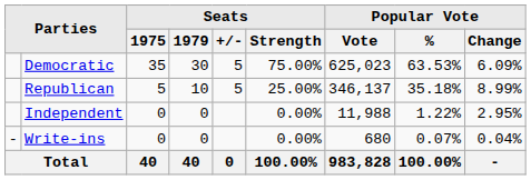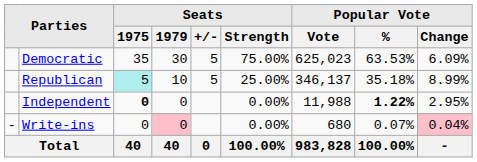 <table class=wikitable>
 <tr>
 <th style="background-color:#E9E9E9" align=center rowspan= 2 colspan=2>Parties</th>
 <th style="background-color:#E9E9E9" align=center colspan=4>Seats</th>
 <th style="background-color:#E9E9E9" align=center colspan=3>Popular Vote</th>
 </tr>
 <tr>
 <th align=center>1975</th>
 <th align=center>1979</th>
 <th align=center>+/-</th>
 <th align=center>Strength</th>
 <th align=center>Vote</th>
 <th align=center>%</th>
 <th align=center>Change</th>
 </tr>
 <tr>
 <td></td>
 <td align=left><a href='#'>Democratic</a></td>
 <td align=right >35</td>
 <td align=right >30</td>
 <td align=right> 5</td>
 <td align=right >75.00%</td>
 <td align=right >625,023</td>
 <td align=right >63.53%</td>
 <td align=right> 6.09%</td>
 </tr>
 <tr>
 <td></td>
 <td align=left><a href='#'>Republican</a></td>
-<td align=right>5</td>
+<td align=right style="background: paleturquoise;">5</td>
 <td align=right>10</td>
 <td align=right> 5</td>
 <td align=right>25.00%</td>
 <td align=right>346,137</td>
 <td align=right>35.18%</td>
 <td align=right> 8.99%</td>
 </tr>
 <tr>
 <td></td>
 <td><a href='#'>Independent</a></td>
-<td align=right>0</td>
+<td align=right><strong>0</strong></td>
 <td align=right>0</td>
 <td align=right></td>
 <td align=right>0.00%</td>
 <td align=right>11,988</td>
-<td align=right>1.22%</td>
+<td align=right><strong>1.22%</strong></td>
 <td align=right> 2.95%</td>
 </tr>
 <tr>
 <td>-</td>
 <td><a href='#'>Write-ins</a></td>
 <td align=right>0</td>
-<td align=right>0</td>
+<td align=right style="background: pink;">0</td>
 <td align=right></td>
 <td align=right>0.00%</td>
 <td align=right>680</td>
 <td align=right>0.07%</td>
-<td align=right> 0.04%</td>
+<td align=right style="background: pink;"> 0.04%</td>
 </tr>
 <tr>
 <th align=center colspan="2">Total</th>
 <th align=center>40</th>
 <th align=center>40</th>
 <th align=center>0</th>
 <th align=center>100.00%</th>
 <th align=center>983,828</th>
 <th align=center>100.00%</th>
 <th align=center>-</th>
 </tr>
 </table>
